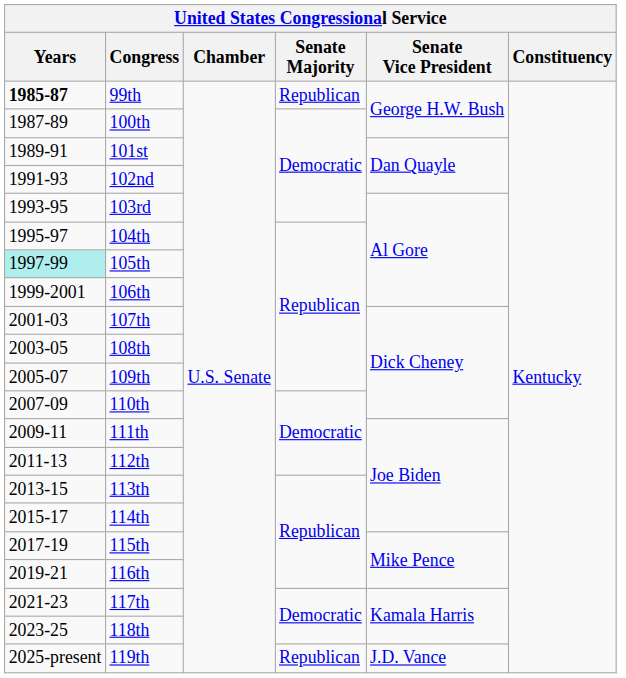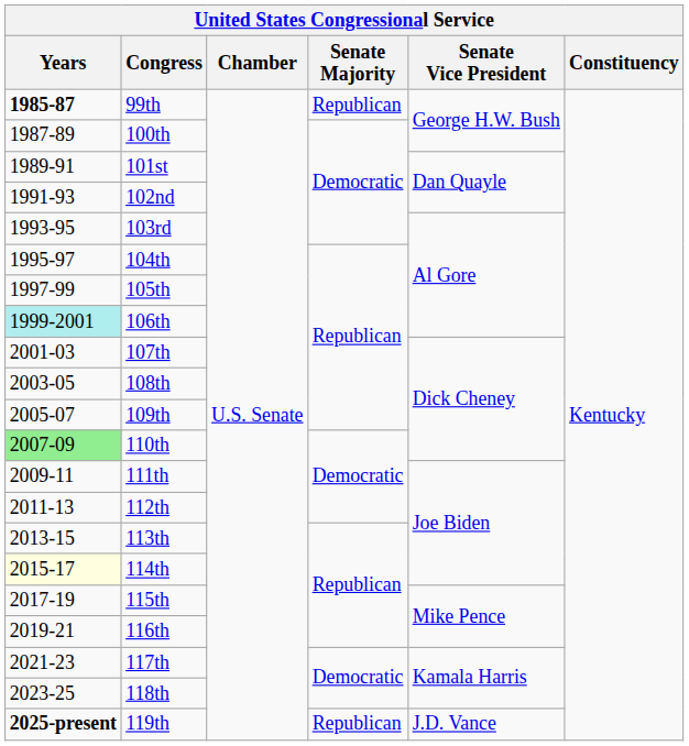 <table class="wikitable">
 <tr>
 <th colspan="6"><a href='#'>United States Congressiona</a>l Service</th>
 </tr>
 <tr>
 <th>Years</th>
 <th>Congress</th>
 <th>Chamber</th>
 <th>Senate<br>Majority</th>
 <th>Senate<br>Vice President</th>
 <th>Constituency</th>
 </tr>
 <tr>
 <td><strong>1985-87</strong></td>
 <td><a href='#'>99th</a></td>
 <td rowspan="21"><a href='#'>U.S. Senate</a></td>
 <td><a href='#'>Republican</a></td>
 <td rowspan="2"><a href='#'>George H.W. Bush</a></td>
 <td rowspan="21"><a href='#'>Kentucky</a></td>
 </tr>
 <tr>
 <td>1987-89</td>
 <td><a href='#'>100th</a></td>
 <td rowspan="4"><a href='#'>Democratic</a></td>
 </tr>
 <tr>
 <td>1989-91</td>
 <td><a href='#'>101st</a></td>
 <td rowspan="2"><a href='#'>Dan Quayle</a></td>
 </tr>
 <tr>
 <td>1991-93</td>
 <td><a href='#'>102nd</a></td>
 </tr>
 <tr>
 <td>1993-95</td>
 <td><a href='#'>103rd</a></td>
 <td rowspan="4"><a href='#'>Al Gore</a></td>
 </tr>
 <tr>
 <td>1995-97</td>
 <td><a href='#'>104th</a></td>
 <td rowspan="6"><a href='#'>Republican</a></td>
 </tr>
 <tr>
-<td style="background: paleturquoise;">1997-99</td>
+<td>1997-99</td>
 <td><a href='#'>105th</a></td>
 </tr>
 <tr>
-<td>1999-2001</td>
+<td style="background: paleturquoise;">1999-2001</td>
 <td><a href='#'>106th</a></td>
 </tr>
 <tr>
 <td>2001-03</td>
 <td><a href='#'>107th</a></td>
 <td rowspan="4"><a href='#'>Dick Cheney</a></td>
 </tr>
 <tr>
 <td>2003-05</td>
 <td><a href='#'>108th</a></td>
 </tr>
 <tr>
 <td>2005-07</td>
 <td><a href='#'>109th</a></td>
 </tr>
 <tr>
-<td>2007-09</td>
+<td style="background: lightgreen;">2007-09</td>
 <td><a href='#'>110th</a></td>
 <td rowspan="3"><a href='#'>Democratic</a></td>
 </tr>
 <tr>
 <td>2009-11</td>
 <td><a href='#'>111th</a></td>
 <td rowspan="4"><a href='#'>Joe Biden</a></td>
 </tr>
 <tr>
 <td>2011-13</td>
 <td><a href='#'>112th</a></td>
 </tr>
 <tr>
 <td>2013-15</td>
 <td><a href='#'>113th</a></td>
 <td rowspan="4"><a href='#'>Republican</a></td>
 </tr>
 <tr>
-<td>2015-17</td>
+<td style="background: lightyellow;">2015-17</td>
 <td><a href='#'>114th</a></td>
 </tr>
 <tr>
 <td>2017-19</td>
 <td><a href='#'>115th</a></td>
 <td rowspan="2"><a href='#'>Mike Pence</a></td>
 </tr>
 <tr>
 <td>2019-21</td>
 <td><a href='#'>116th</a></td>
 </tr>
 <tr>
 <td>2021-23</td>
 <td><a href='#'>117th</a></td>
 <td rowspan="2"><a href='#'>Democratic</a></td>
 <td rowspan="2"><a href='#'>Kamala Harris</a></td>
 </tr>
 <tr>
 <td>2023-25</td>
 <td><a href='#'>118th</a></td>
 </tr>
 <tr>
-<td>2025-present</td>
+<td><strong>2025-present</strong></td>
 <td><a href='#'>119th</a></td>
 <td><a href='#'>Republican</a></td>
 <td><a href='#'>J.D. Vance</a></td>
 </tr>
 </table>
